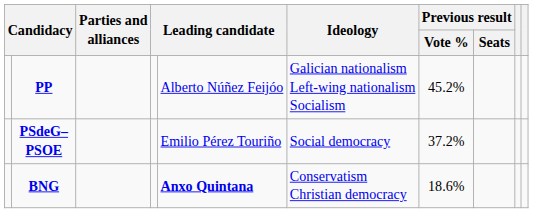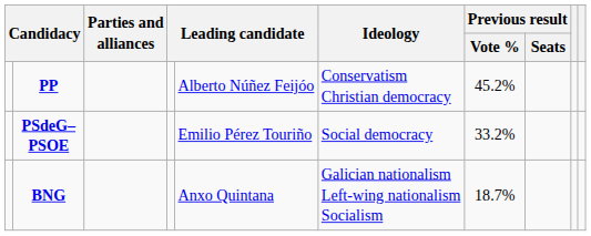 <table class="wikitable" style="line-height:1.35em; text-align:left;">
 <tr>
 <th colspan="2" rowspan="2">Candidacy</th>
 <th rowspan="2">Parties and<br>alliances</th>
 <th colspan="2" rowspan="2">Leading candidate</th>
 <th rowspan="2">Ideology</th>
 <th colspan="2">Previous result</th>
 <th rowspan="2"></th>
 <th rowspan="2"></th>
 </tr>
 <tr>
 <th>Vote %</th>
 <th>Seats</th>
 </tr>
 <tr>
 <td width="1" style="color:inherit;background:"></td>
 <td align="center"><strong><a href='#'>PP</a></strong></td>
 <td></td>
 <td></td>
 <td><a href='#'>Alberto Núñez Feijóo</a></td>
-<td><a href='#'>Galician nationalism</a><br><a href='#'>Left-wing nationalism</a><br><a href='#'>Socialism</a></td>
+<td><a href='#'>Conservatism</a><br><a href='#'>Christian democracy</a></td>
 <td align="center">45.2%</td>
 <td></td>
 <td></td>
 <td></td>
 </tr>
 <tr>
 <td style="color:inherit;background:"></td>
 <td align="center"><strong><a href='#'>PSdeG–<br>PSOE</a></strong></td>
 <td></td>
 <td></td>
 <td><a href='#'>Emilio Pérez Touriño</a></td>
 <td><a href='#'>Social democracy</a></td>
-<td align="center">37.2%</td>
+<td align="center">33.2%</td>
 <td></td>
 <td></td>
 <td></td>
 </tr>
 <tr>
 <td style="color:inherit;background:"></td>
 <td align="center"><strong><a href='#'>BNG</a></strong></td>
 <td></td>
 <td></td>
-<td><strong><a href='#'>Anxo Quintana</a></strong></td>
-<td><a href='#'>Conservatism</a><br><a href='#'>Christian democracy</a></td>
-<td align="center">18.6%</td>
+<td><a href='#'>Anxo Quintana</a></td>
+<td><a href='#'>Galician nationalism</a><br><a href='#'>Left-wing nationalism</a><br><a href='#'>Socialism</a></td>
+<td align="center">18.7%</td>
 <td></td>
 <td></td>
 <td></td>
 </tr>
 </table>
